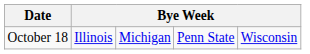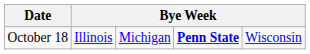 <table class="wikitable" style="font-size:95%;">
 <tr>
 <th>Date</th>
 <th colspan="4">Bye Week</th>
 </tr>
 <tr>
 <td>October 18</td>
 <td><a href='#'>Illinois</a></td>
 <td><a href='#'>Michigan</a></td>
-<td><a href='#'>Penn State</a></td>
+<td><strong><a href='#'>Penn State</a></strong></td>
 <td><a href='#'>Wisconsin</a></td>
 </tr>
 </table>
